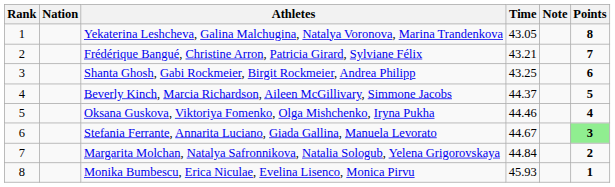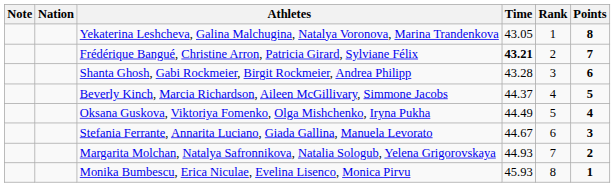 <table class="wikitable sortable" style="text-align:center">
 <tr>
-<th>Rank</th>
+<th>Note</th>
 <th>Nation</th>
 <th>Athletes</th>
 <th>Time</th>
-<th>Note</th>
+<th>Rank</th>
 <th>Points</th>
 </tr>
 <tr>
-<td>1</td>
+<td></td>
 <td align=left></td>
 <td align=left><a href='#'>Yekaterina Leshcheva</a>, <a href='#'>Galina Malchugina</a>, <a href='#'>Natalya Voronova</a>, <a href='#'>Marina Trandenkova</a></td>
 <td>43.05</td>
-<td></td>
+<td>1</td>
 <td><strong>8</strong></td>
 </tr>
 <tr>
-<td>2</td>
+<td></td>
 <td align=left></td>
 <td align=left><a href='#'>Frédérique Bangué</a>, <a href='#'>Christine Arron</a>, <a href='#'>Patricia Girard</a>, <a href='#'>Sylviane Félix</a></td>
-<td>43.21</td>
-<td></td>
+<td><strong>43.21</strong></td>
+<td>2</td>
 <td><strong>7</strong></td>
 </tr>
 <tr>
-<td>3</td>
+<td></td>
 <td align=left></td>
 <td align=left><a href='#'>Shanta Ghosh</a>, <a href='#'>Gabi Rockmeier</a>, <a href='#'>Birgit Rockmeier</a>, <a href='#'>Andrea Philipp</a></td>
-<td>43.25</td>
-<td></td>
+<td>43.28</td>
+<td>3</td>
 <td><strong>6</strong></td>
 </tr>
 <tr>
-<td>4</td>
+<td></td>
 <td align=left></td>
 <td align=left><a href='#'>Beverly Kinch</a>, <a href='#'>Marcia Richardson</a>, <a href='#'>Aileen McGillivary</a>, <a href='#'>Simmone Jacobs</a></td>
 <td>44.37</td>
-<td></td>
+<td>4</td>
 <td><strong>5</strong></td>
 </tr>
 <tr>
-<td>5</td>
+<td></td>
 <td align=left></td>
 <td align=left><a href='#'>Oksana Guskova</a>, <a href='#'>Viktoriya Fomenko</a>, <a href='#'>Olga Mishchenko</a>, <a href='#'>Iryna Pukha</a></td>
-<td>44.46</td>
-<td></td>
+<td>44.49</td>
+<td>5</td>
 <td><strong>4</strong></td>
 </tr>
 <tr>
-<td>6</td>
+<td></td>
 <td align=left></td>
 <td align=left><a href='#'>Stefania Ferrante</a>, <a href='#'>Annarita Luciano</a>, <a href='#'>Giada Gallina</a>, <a href='#'>Manuela Levorato</a></td>
 <td>44.67</td>
-<td></td>
-<td style="background: lightgreen;"><strong>3</strong></td>
+<td>6</td>
+<td><strong>3</strong></td>
 </tr>
 <tr>
-<td>7</td>
+<td></td>
 <td align=left></td>
 <td align=left><a href='#'>Margarita Molchan</a>, <a href='#'>Natalya Safronnikova</a>, <a href='#'>Natalia Sologub</a>, <a href='#'>Yelena Grigorovskaya</a></td>
-<td>44.84</td>
-<td></td>
+<td>44.93</td>
+<td>7</td>
 <td><strong>2</strong></td>
 </tr>
 <tr>
-<td>8</td>
+<td></td>
 <td align=left></td>
 <td align=left><a href='#'>Monika Bumbescu</a>, <a href='#'>Erica Niculae</a>, <a href='#'>Evelina Lisenco</a>, <a href='#'>Monica Pirvu</a></td>
 <td>45.93</td>
-<td></td>
+<td>8</td>
 <td><strong>1</strong></td>
 </tr>
 </table>
